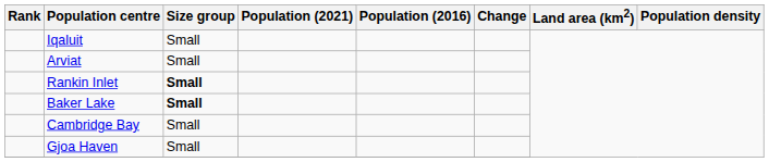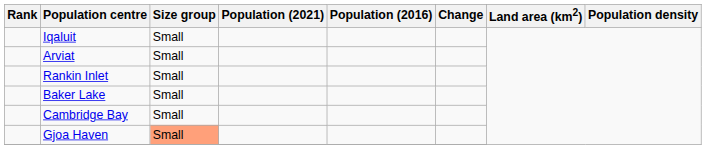 <table class="wikitable sortable">
 <tr>
 <th>Rank</th>
 <th>Population centre</th>
 <th>Size group</th>
 <th>Population (2021)</th>
 <th>Population (2016)</th>
 <th>Change</th>
 <th>Land area (km<sup>2</sup>)</th>
 <th>Population density</th>
 </tr>
 <tr>
 <td scope=row align=center></td>
 <td><a href='#'>Iqaluit</a></td>
 <td>Small</td>
 <td></td>
 <td align=center></td>
 <td align=center></td>
 </tr>
 <tr>
 <td scope=row align=center></td>
 <td><a href='#'>Arviat</a></td>
 <td>Small</td>
 <td></td>
 <td align=center></td>
 <td align=center></td>
 </tr>
 <tr>
 <td scope=row align=center></td>
 <td><a href='#'>Rankin Inlet</a></td>
-<td><strong>Small</strong></td>
+<td>Small</td>
 <td></td>
 <td align=center></td>
 <td align=center></td>
 </tr>
 <tr>
 <td scope=row align=center></td>
 <td><a href='#'>Baker Lake</a></td>
-<td><strong>Small</strong></td>
+<td>Small</td>
 <td></td>
 <td align=center></td>
 <td align=center></td>
 </tr>
 <tr>
 <td scope=row align=center></td>
 <td><a href='#'>Cambridge Bay</a></td>
 <td>Small</td>
 <td></td>
 <td align=center></td>
 <td align=center></td>
 </tr>
 <tr>
 <td scope=row align=center></td>
 <td><a href='#'>Gjoa Haven</a></td>
-<td>Small</td>
+<td style="background: lightsalmon;">Small</td>
 <td></td>
 <td align=center></td>
 <td align=center></td>
 </tr>
 <tr>
 </tr>
 </table>
